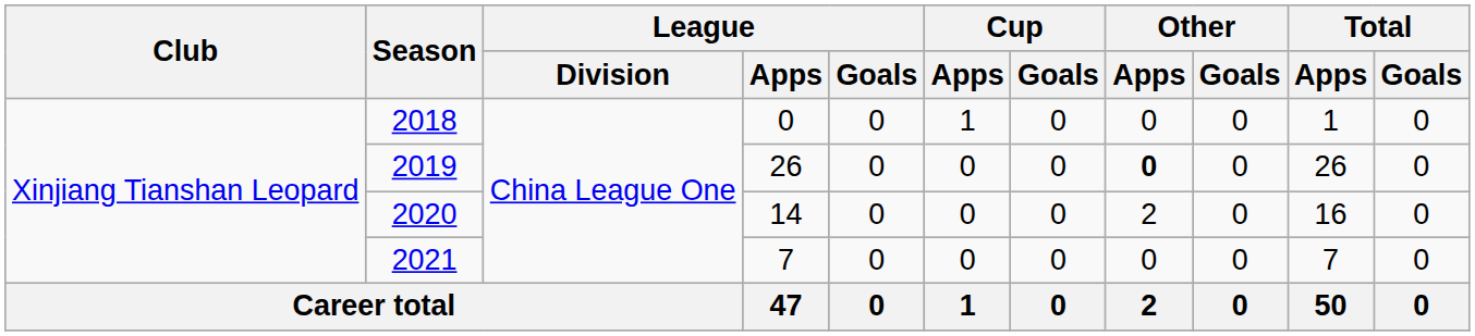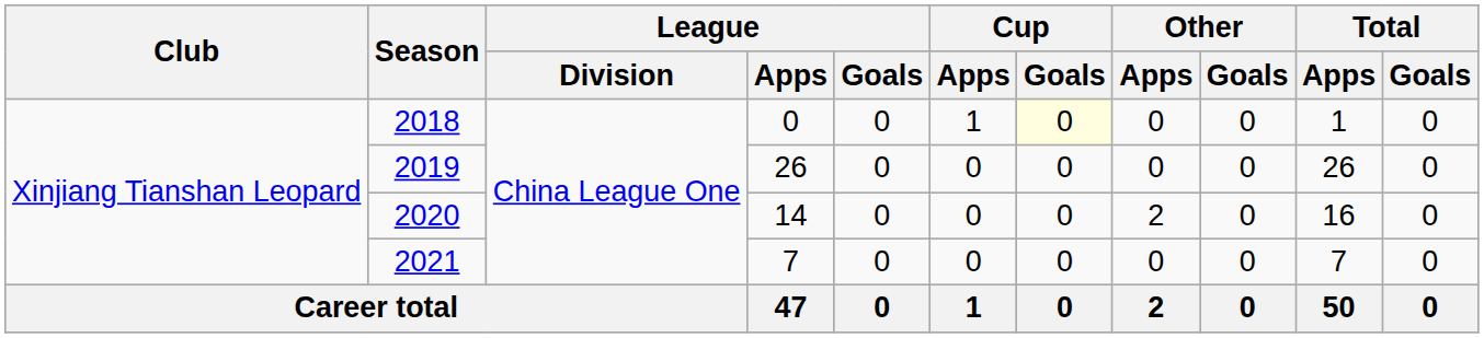 <table class="wikitable" style="text-align: center">
 <tr>
 <th rowspan="2">Club</th>
 <th rowspan="2">Season</th>
 <th colspan="3">League</th>
 <th colspan="2">Cup</th>
 <th colspan="2">Other</th>
 <th colspan="2">Total</th>
 </tr>
 <tr>
 <th>Division</th>
 <th>Apps</th>
 <th>Goals</th>
 <th>Apps</th>
 <th>Goals</th>
 <th>Apps</th>
 <th>Goals</th>
 <th>Apps</th>
 <th>Goals</th>
 </tr>
 <tr>
 <td rowspan="4"><a href='#'>Xinjiang Tianshan Leopard</a></td>
 <td><a href='#'>2018</a></td>
 <td rowspan="4"><a href='#'>China League One</a></td>
 <td>0</td>
 <td>0</td>
 <td>1</td>
-<td>0</td>
+<td style="background: lightyellow;">0</td>
 <td>0</td>
 <td>0</td>
 <td>1</td>
 <td>0</td>
 </tr>
 <tr>
 <td><a href='#'>2019</a></td>
 <td>26</td>
 <td>0</td>
 <td>0</td>
 <td>0</td>
-<td><strong>0</strong></td>
+<td>0</td>
 <td>0</td>
 <td>26</td>
 <td>0</td>
 </tr>
 <tr>
 <td><a href='#'>2020</a></td>
 <td>14</td>
 <td>0</td>
 <td>0</td>
 <td>0</td>
 <td>2</td>
 <td>0</td>
 <td>16</td>
 <td>0</td>
 </tr>
 <tr>
 <td><a href='#'>2021</a></td>
 <td>7</td>
 <td>0</td>
 <td>0</td>
 <td>0</td>
 <td>0</td>
 <td>0</td>
 <td>7</td>
 <td>0</td>
 </tr>
 <tr>
 <th colspan=3>Career total</th>
 <th>47</th>
 <th>0</th>
 <th>1</th>
 <th>0</th>
 <th>2</th>
 <th>0</th>
 <th>50</th>
 <th>0</th>
 </tr>
 </table>
